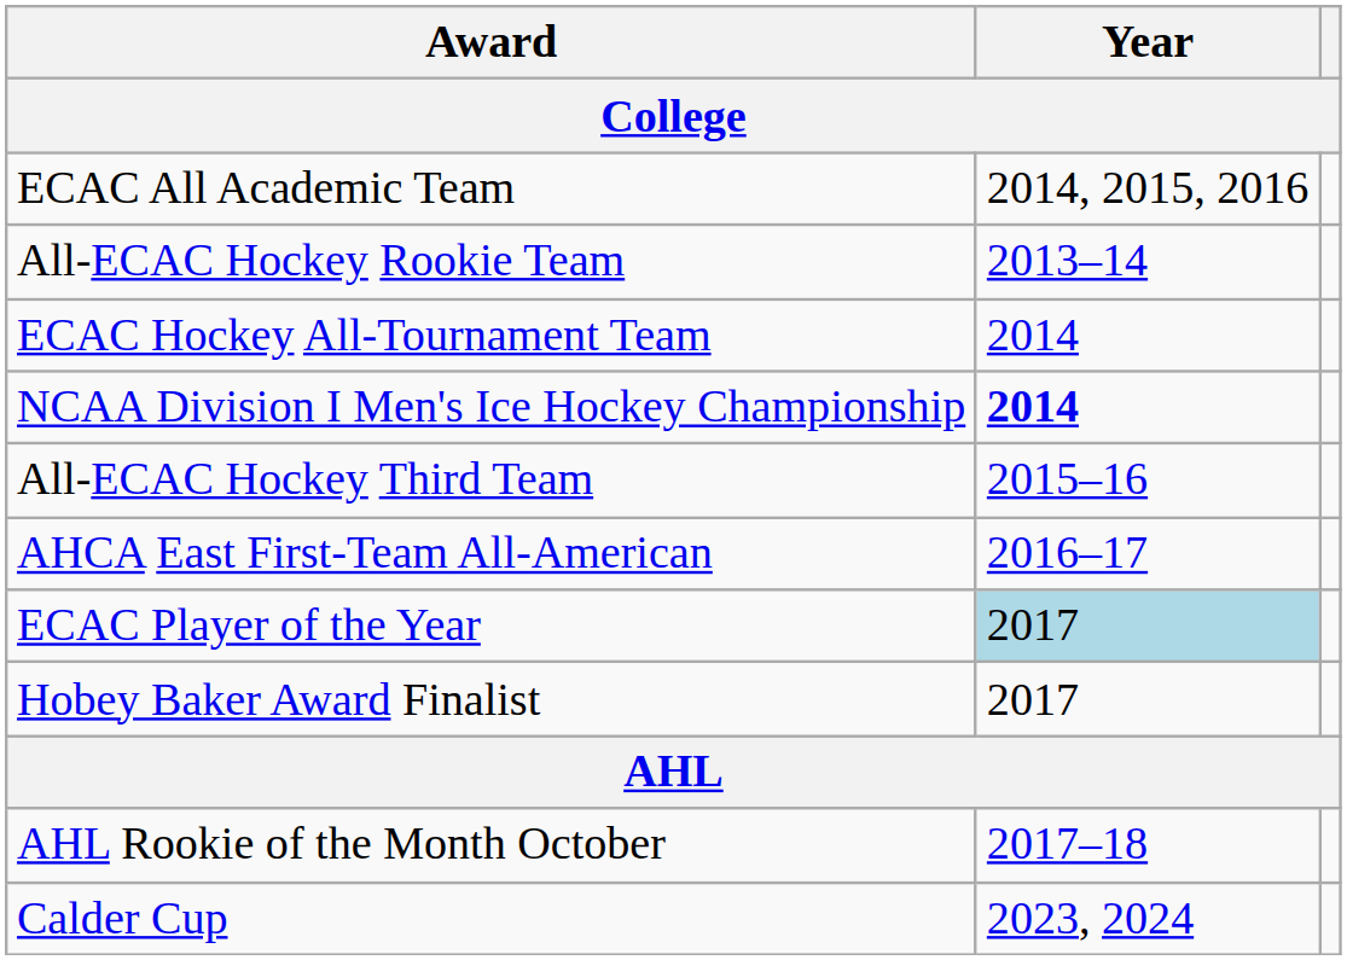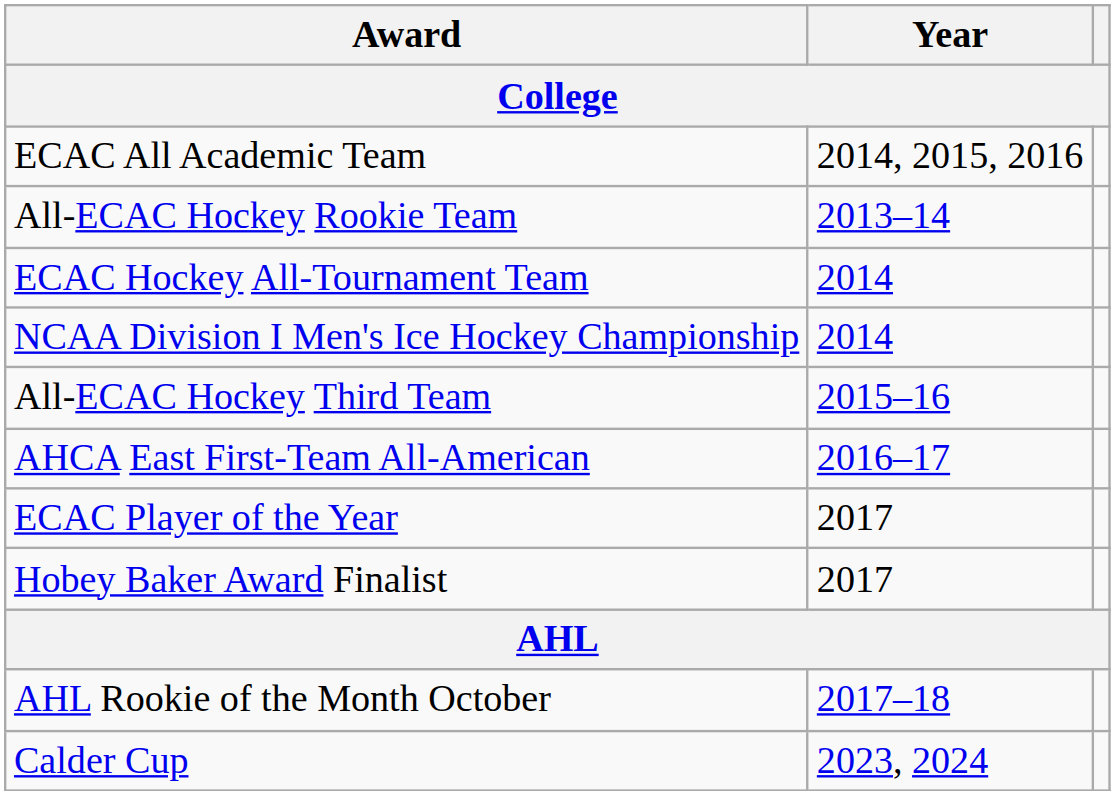 <table class="wikitable">
 <tr>
 <th>Award</th>
 <th>Year</th>
 <th></th>
 </tr>
 <tr>
 <th colspan="3"><a href='#'>College</a></th>
 </tr>
 <tr>
 <td>ECAC All Academic Team</td>
 <td>2014, 2015, 2016</td>
 <td></td>
 </tr>
 <tr>
 <td>All-<a href='#'>ECAC Hockey</a> <a href='#'>Rookie Team</a></td>
 <td><a href='#'>2013–14</a></td>
 <td></td>
 </tr>
 <tr>
 <td><a href='#'>ECAC Hockey</a> <a href='#'>All-Tournament Team</a></td>
 <td><a href='#'>2014</a></td>
 <td></td>
 </tr>
 <tr>
 <td><a href='#'>NCAA Division I Men's Ice Hockey Championship</a></td>
-<td><strong><a href='#'>2014</a></strong></td>
+<td><a href='#'>2014</a></td>
 <td></td>
 </tr>
 <tr>
 <td>All-<a href='#'>ECAC Hockey</a> <a href='#'>Third Team</a></td>
 <td><a href='#'>2015–16</a></td>
 <td></td>
 </tr>
 <tr>
 <td><a href='#'>AHCA</a> <a href='#'>East First-Team All-American</a></td>
 <td><a href='#'>2016–17</a></td>
 <td></td>
 </tr>
 <tr>
 <td><a href='#'>ECAC Player of the Year</a></td>
-<td style="background: lightblue;">2017</td>
+<td>2017</td>
 <td></td>
 </tr>
 <tr>
 <td><a href='#'>Hobey Baker Award</a> Finalist</td>
 <td>2017</td>
 <td></td>
 </tr>
 <tr>
 <th colspan="3"><a href='#'>AHL</a></th>
 </tr>
 <tr>
 <td><a href='#'>AHL</a> Rookie of the Month October</td>
 <td><a href='#'>2017–18</a></td>
 <td></td>
 </tr>
 <tr>
 <td><a href='#'>Calder Cup</a></td>
 <td><a href='#'>2023</a>, <a href='#'>2024</a></td>
 <td></td>
 </tr>
 </table>
